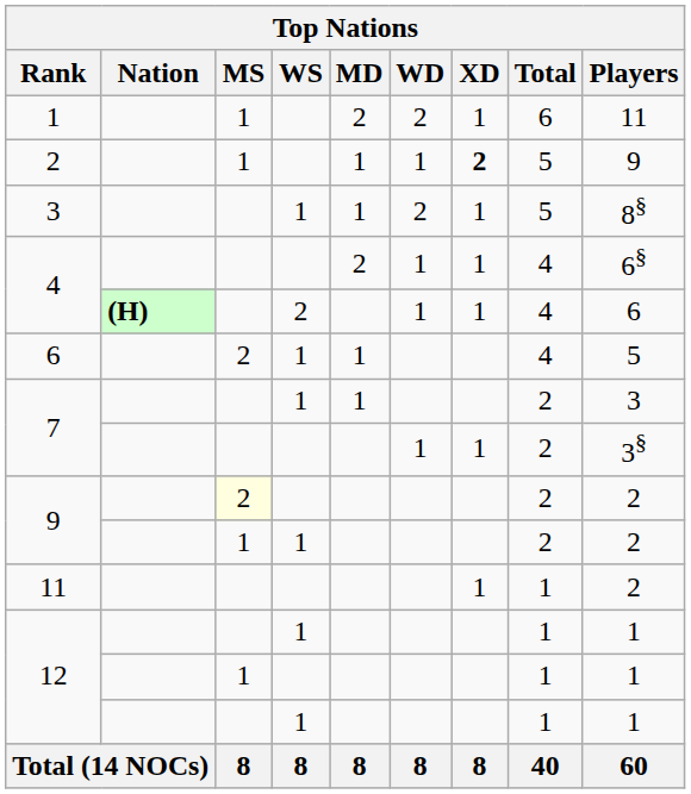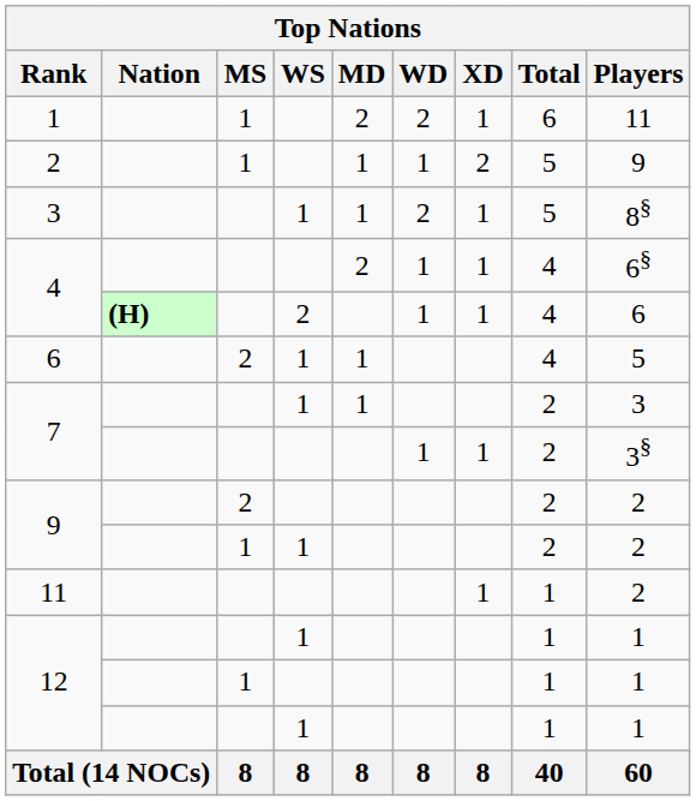 <table class="wikitable" style="text-align:center">
 <tr>
 <th colspan="9">Top Nations</th>
 </tr>
 <tr>
 <th>Rank</th>
 <th>Nation</th>
 <th width="25">MS</th>
 <th width="25">WS</th>
 <th width="25">MD</th>
 <th width="25">WD</th>
 <th width="25">XD</th>
 <th width="25">Total</th>
 <th width="25">Players</th>
 </tr>
 <tr>
 <td>1</td>
 <td align="left"></td>
 <td>1</td>
 <td></td>
 <td>2</td>
 <td>2</td>
 <td>1</td>
 <td>6</td>
 <td>11</td>
 </tr>
 <tr>
 <td>2</td>
 <td align="left"></td>
 <td>1</td>
 <td></td>
 <td>1</td>
 <td>1</td>
-<td><strong>2</strong></td>
+<td>2</td>
 <td>5</td>
 <td>9</td>
 </tr>
 <tr>
 <td>3</td>
 <td align="left"></td>
 <td></td>
 <td>1</td>
 <td>1</td>
 <td>2</td>
 <td>1</td>
 <td>5</td>
 <td>8<sup>§</sup></td>
 </tr>
 <tr>
 <td rowspan="2">4</td>
 <td align="left"></td>
 <td></td>
 <td></td>
 <td>2</td>
 <td>1</td>
 <td>1</td>
 <td>4</td>
 <td>6<sup>§</sup></td>
 </tr>
 <tr>
 <td align="left" bgcolor="#ccffcc"> <strong>(H)</strong></td>
 <td></td>
 <td>2</td>
 <td></td>
 <td>1</td>
 <td>1</td>
 <td>4</td>
 <td>6</td>
 </tr>
 <tr>
 <td>6</td>
 <td align="left"></td>
 <td>2</td>
 <td>1</td>
 <td>1</td>
 <td></td>
 <td></td>
 <td>4</td>
 <td>5</td>
 </tr>
 <tr>
 <td rowspan="2">7</td>
 <td align="left"></td>
 <td></td>
 <td>1</td>
 <td>1</td>
 <td></td>
 <td></td>
 <td>2</td>
 <td>3</td>
 </tr>
 <tr>
 <td align="left"></td>
 <td></td>
 <td></td>
 <td></td>
 <td>1</td>
 <td>1</td>
 <td>2</td>
 <td>3<sup>§</sup></td>
 </tr>
 <tr>
 <td rowspan="2">9</td>
 <td align="left"></td>
-<td style="background: lightyellow;">2</td>
+<td>2</td>
 <td></td>
 <td></td>
 <td></td>
 <td></td>
 <td>2</td>
 <td>2</td>
 </tr>
 <tr>
 <td align="left"></td>
 <td>1</td>
 <td>1</td>
 <td></td>
 <td></td>
 <td></td>
 <td>2</td>
 <td>2</td>
 </tr>
 <tr>
 <td>11</td>
 <td align="left"></td>
 <td></td>
 <td></td>
 <td></td>
 <td></td>
 <td>1</td>
 <td>1</td>
 <td>2</td>
 </tr>
 <tr>
 <td rowspan="3">12</td>
 <td align="left"></td>
 <td></td>
 <td>1</td>
 <td></td>
 <td></td>
 <td></td>
 <td>1</td>
 <td>1</td>
 </tr>
 <tr>
 <td align="left"></td>
 <td>1</td>
 <td></td>
 <td></td>
 <td></td>
 <td></td>
 <td>1</td>
 <td>1</td>
 </tr>
 <tr>
 <td align="left"></td>
 <td></td>
 <td>1</td>
 <td></td>
 <td></td>
 <td></td>
 <td>1</td>
 <td>1</td>
 </tr>
 <tr>
 <th colspan="2">Total (14 NOCs)</th>
 <th>8</th>
 <th>8</th>
 <th>8</th>
 <th>8</th>
 <th>8</th>
 <th>40</th>
 <th>60</th>
 </tr>
 </table>
